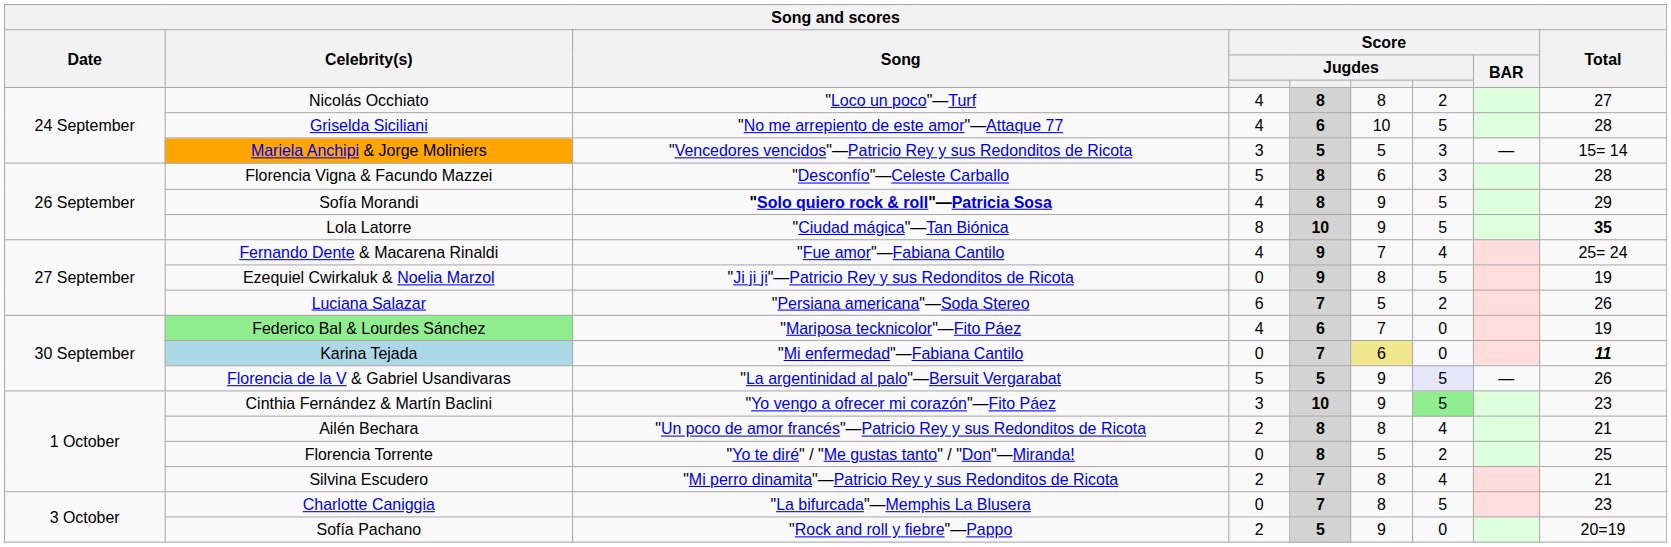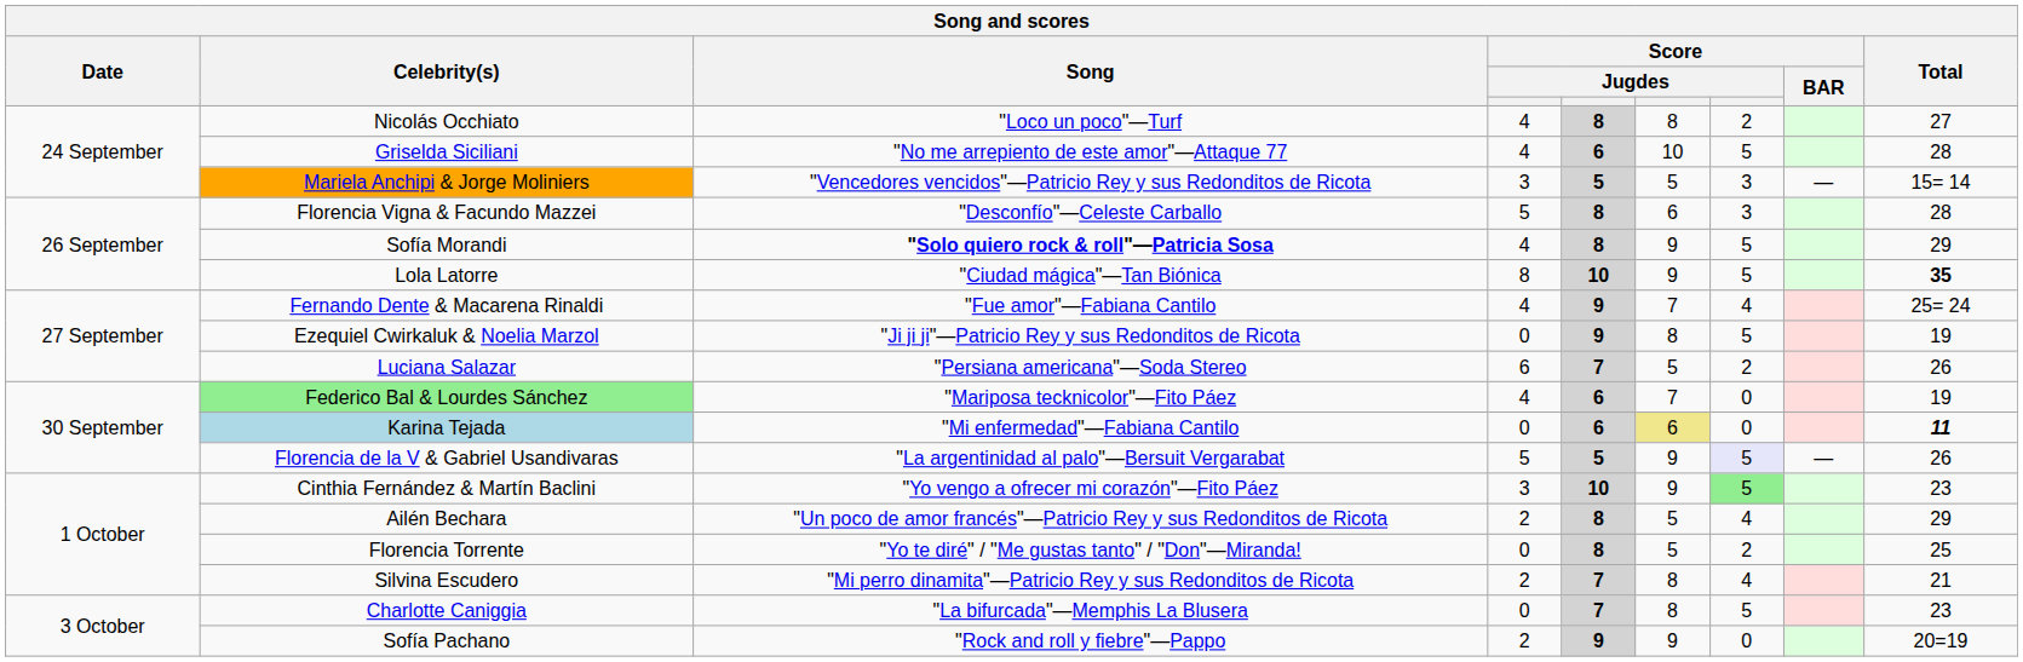 <table class="wikitable collapsible collapsed" style="font-size:95%; text-align: center; width: 100%;">
 <tr>
 <th colspan="11" style="with: 100%;" align=center>Song and scores</th>
 </tr>
 <tr>
 <th rowspan="3" width=90>Date</th>
 <th rowspan="3" width=240>Celebrity(s)</th>
 <th rowspan="3" width=390>Song</th>
 <th colspan="5">Score</th>
 <th rowspan="3" width=70>Total</th>
 </tr>
 <tr>
 <th colspan="4">Jugdes</th>
 <th rowspan="2" width=30>BAR<br></th>
 </tr>
 <tr>
 <th width=30></th>
 <th width=30></th>
 <th width=30></th>
 <th width=30></th>
 </tr>
 <tr>
 <td rowspan="3">24 September</td>
 <td bgcolor="">Nicolás Occhiato</td>
 <td>"<a href='#'>Loco un poco</a>"—<a href='#'>Turf</a></td>
 <td>4</td>
 <td bgcolor="lightgrey"><strong>8</strong></td>
 <td>8</td>
 <td>2</td>
 <td bgcolor="#ddffdd"></td>
 <td>27</td>
 </tr>
 <tr>
 <td bgcolor=""><a href='#'>Griselda Siciliani</a></td>
 <td>"<a href='#'>No me arrepiento de este amor</a>"—<a href='#'>Attaque 77</a></td>
 <td>4</td>
 <td bgcolor="lightgrey"><strong>6</strong></td>
 <td>10</td>
 <td>5</td>
 <td bgcolor="#ddffdd"></td>
 <td>28</td>
 </tr>
 <tr>
 <td bgcolor="orange"><a href='#'>Mariela Anchipi</a> & Jorge Moliniers</td>
 <td>"<a href='#'>Vencedores vencidos</a>"—<a href='#'>Patricio Rey y sus Redonditos de Ricota</a></td>
 <td>3</td>
 <td bgcolor="lightgrey"><strong>5</strong></td>
 <td>5</td>
 <td>3</td>
 <td>—</td>
 <td>15= 14</td>
 </tr>
 <tr>
 <td rowspan="3">26 September</td>
 <td bgcolor="">Florencia Vigna & Facundo Mazzei</td>
 <td>"<a href='#'>Desconfío</a>"—<a href='#'>Celeste Carballo</a></td>
 <td>5</td>
 <td bgcolor="lightgrey"><strong>8</strong></td>
 <td>6</td>
 <td>3</td>
 <td bgcolor="#ddffdd"></td>
 <td>28</td>
 </tr>
 <tr>
 <td bgcolor="">Sofía Morandi</td>
 <td><strong>"<a href='#'>Solo quiero rock & roll</a>"—<a href='#'>Patricia Sosa</a></strong></td>
 <td>4</td>
 <td bgcolor="lightgrey"><strong>8</strong></td>
 <td>9</td>
 <td>5</td>
 <td bgcolor="#ddffdd"></td>
 <td>29</td>
 </tr>
 <tr>
 <td bgcolor="">Lola Latorre</td>
 <td>"<a href='#'>Ciudad mágica</a>"—<a href='#'>Tan Biónica</a></td>
 <td>8</td>
 <td bgcolor="lightgrey"><strong>10</strong></td>
 <td>9</td>
 <td>5</td>
 <td bgcolor="#ddffdd"></td>
 <td><span><strong>35</strong></span></td>
 </tr>
 <tr>
 <td rowspan="3">27 September</td>
 <td bgcolor=""><a href='#'>Fernando Dente</a> & Macarena Rinaldi</td>
 <td>"<a href='#'>Fue amor</a>"—<a href='#'>Fabiana Cantilo</a></td>
 <td>4</td>
 <td bgcolor="lightgrey"><strong>9</strong></td>
 <td>7</td>
 <td>4</td>
 <td bgcolor="#ffdddd"></td>
 <td>25= 24</td>
 </tr>
 <tr>
 <td bgcolor="">Ezequiel Cwirkaluk & <a href='#'>Noelia Marzol</a></td>
 <td>"<a href='#'>Ji ji ji</a>"—<a href='#'>Patricio Rey y sus Redonditos de Ricota</a></td>
 <td>0</td>
 <td bgcolor="lightgrey"><strong>9</strong></td>
 <td>8</td>
 <td>5</td>
 <td bgcolor="#ffdddd"></td>
 <td>19</td>
 </tr>
 <tr>
 <td bgcolor=""><a href='#'>Luciana Salazar</a></td>
 <td>"<a href='#'>Persiana americana</a>"—<a href='#'>Soda Stereo</a></td>
 <td>6</td>
 <td bgcolor="lightgrey"><strong>7</strong></td>
 <td>5</td>
 <td>2</td>
 <td bgcolor="#ffdddd"></td>
 <td>26</td>
 </tr>
 <tr>
 <td rowspan="3">30 September</td>
 <td bgcolor="lightgreen">Federico Bal & Lourdes Sánchez</td>
 <td>"<a href='#'>Mariposa tecknicolor</a>"—<a href='#'>Fito Páez</a></td>
 <td>4</td>
 <td bgcolor="lightgrey"><strong>6</strong></td>
 <td>7</td>
 <td>0</td>
 <td bgcolor="#ffdddd"></td>
 <td>19</td>
 </tr>
 <tr>
 <td bgcolor="lightblue">Karina Tejada</td>
 <td>"<a href='#'>Mi enfermedad</a>"—<a href='#'>Fabiana Cantilo</a></td>
 <td>0</td>
-<td bgcolor="lightgrey"><strong>7</strong></td>
+<td bgcolor="lightgrey"><strong>6</strong></td>
 <td style="background: khaki;">6</td>
 <td>0</td>
 <td bgcolor="#ffdddd"></td>
 <td><span><strong><em>11</em></strong></span></td>
 </tr>
 <tr>
 <td bgcolor=""><a href='#'>Florencia de la V</a> & Gabriel Usandivaras</td>
 <td>"<a href='#'>La argentinidad al palo</a>"—<a href='#'>Bersuit Vergarabat</a></td>
 <td>5</td>
 <td bgcolor="lightgrey"><strong>5</strong></td>
 <td>9</td>
 <td style="background: lavender;">5</td>
 <td>—</td>
 <td>26</td>
 </tr>
 <tr>
 <td rowspan="4">1 October</td>
 <td bgcolor="">Cinthia Fernández & Martín Baclini</td>
 <td>"<a href='#'>Yo vengo a ofrecer mi corazón</a>"—<a href='#'>Fito Páez</a></td>
 <td>3</td>
 <td bgcolor="lightgrey"><strong>10</strong></td>
 <td>9</td>
 <td style="background: lightgreen;">5</td>
 <td bgcolor="#ddffdd"></td>
 <td>23</td>
 </tr>
 <tr>
 <td bgcolor="">Ailén Bechara</td>
 <td>"<a href='#'>Un poco de amor francés</a>"—<a href='#'>Patricio Rey y sus Redonditos de Ricota</a></td>
 <td>2</td>
 <td bgcolor="lightgrey"><strong>8</strong></td>
-<td>8</td>
+<td>5</td>
 <td>4</td>
 <td bgcolor="#ddffdd"></td>
-<td>21</td>
+<td>29</td>
 </tr>
 <tr>
 <td bgcolor="">Florencia Torrente</td>
 <td>"<a href='#'>Yo te diré</a>" / "<a href='#'>Me gustas tanto</a>" / "<a href='#'>Don</a>"—<a href='#'>Miranda!</a></td>
 <td>0</td>
 <td bgcolor="lightgrey"><strong>8</strong></td>
 <td>5</td>
 <td>2</td>
 <td bgcolor="#ddffdd"></td>
 <td>25</td>
 </tr>
 <tr>
 <td bgcolor="">Silvina Escudero</td>
 <td>"<a href='#'>Mi perro dinamita</a>"—<a href='#'>Patricio Rey y sus Redonditos de Ricota</a></td>
 <td>2</td>
 <td bgcolor="lightgrey"><strong>7</strong></td>
 <td>8</td>
 <td>4</td>
 <td bgcolor="#ffdddd"></td>
 <td>21</td>
 </tr>
 <tr>
 <td rowspan="2">3 October</td>
 <td bgcolor=""><a href='#'>Charlotte Caniggia</a></td>
 <td>"<a href='#'>La bifurcada</a>"—<a href='#'>Memphis La Blusera</a></td>
 <td>0</td>
 <td bgcolor="lightgrey"><strong>7</strong></td>
 <td>8</td>
 <td>5</td>
 <td bgcolor="#ffdddd"></td>
 <td>23</td>
 </tr>
 <tr>
 <td bgcolor="">Sofía Pachano</td>
 <td>"<a href='#'>Rock and roll y fiebre</a>"—<a href='#'>Pappo</a></td>
 <td>2</td>
-<td bgcolor="lightgrey"><strong>5</strong></td>
+<td bgcolor="lightgrey"><strong>9</strong></td>
 <td>9</td>
 <td>0</td>
 <td bgcolor="#ddffdd"></td>
 <td>20=19</td>
 </tr>
 </table>
